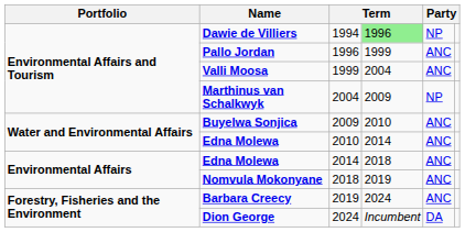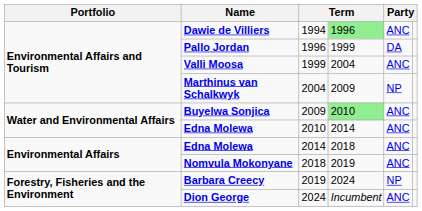 <table class="wikitable">
 <tr>
 <th>Portfolio</th>
 <th>Name</th>
 <th colspan="2">Term</th>
 <th colspan="2">Party</th>
 </tr>
 <tr>
 <td rowspan="4"><strong>Environmental Affairs and Tourism</strong></td>
 <td><strong><a href='#'>Dawie de Villiers</a></strong></td>
 <td>1994</td>
 <td style="background: lightgreen;">1996</td>
-<td><a href='#'>NP</a></td>
+<td><a href='#'>ANC</a></td>
 <td style="background-color: "></td>
 </tr>
 <tr>
 <td><strong><a href='#'>Pallo Jordan</a></strong></td>
 <td>1996</td>
 <td>1999</td>
-<td><a href='#'>ANC</a></td>
+<td><a href='#'>DA</a></td>
 <td style="background-color: "></td>
 </tr>
 <tr>
 <td><strong><a href='#'>Valli Moosa</a></strong></td>
 <td>1999</td>
 <td>2004</td>
 <td><a href='#'>ANC</a></td>
 <td style="background-color: "></td>
 </tr>
 <tr>
 <td><strong><a href='#'>Marthinus van Schalkwyk</a></strong></td>
 <td>2004</td>
 <td>2009</td>
 <td><a href='#'>NP</a></td>
 <td style="background-color: "></td>
 </tr>
 <tr>
 <td rowspan="2"><strong>Water and Environmental Affairs</strong></td>
 <td><strong><a href='#'>Buyelwa Sonjica</a></strong></td>
 <td>2009</td>
-<td>2010</td>
+<td style="background: lightgreen;">2010</td>
 <td><a href='#'>ANC</a></td>
 <td style="background-color: "></td>
 </tr>
 <tr>
 <td><strong><a href='#'>Edna Molewa</a></strong></td>
 <td>2010</td>
 <td>2014</td>
 <td><a href='#'>ANC</a></td>
 <td style="background-color: "></td>
 </tr>
 <tr>
 <td rowspan="2"><strong>Environmental Affairs</strong></td>
 <td><strong><a href='#'>Edna Molewa</a></strong></td>
 <td>2014</td>
 <td>2018</td>
 <td><a href='#'>ANC</a></td>
 <td style="background-color: "></td>
 </tr>
 <tr>
 <td><strong><a href='#'>Nomvula Mokonyane</a></strong></td>
 <td>2018</td>
 <td>2019</td>
 <td><a href='#'>ANC</a></td>
 <td style="background-color: "></td>
 </tr>
 <tr>
 <td rowspan="2"><strong>Forestry, Fisheries and the Environment</strong></td>
 <td><strong><a href='#'>Barbara Creecy</a></strong></td>
 <td>2019</td>
 <td>2024</td>
-<td><a href='#'>ANC</a></td>
+<td><a href='#'>NP</a></td>
 <td style="background-color: "></td>
 </tr>
 <tr>
 <td><strong><a href='#'>Dion George</a></strong></td>
 <td>2024</td>
 <td><em>Incumbent</em></td>
-<td><a href='#'>DA</a></td>
+<td><a href='#'>ANC</a></td>
 <td style="background-color: "></td>
 </tr>
 </table>
